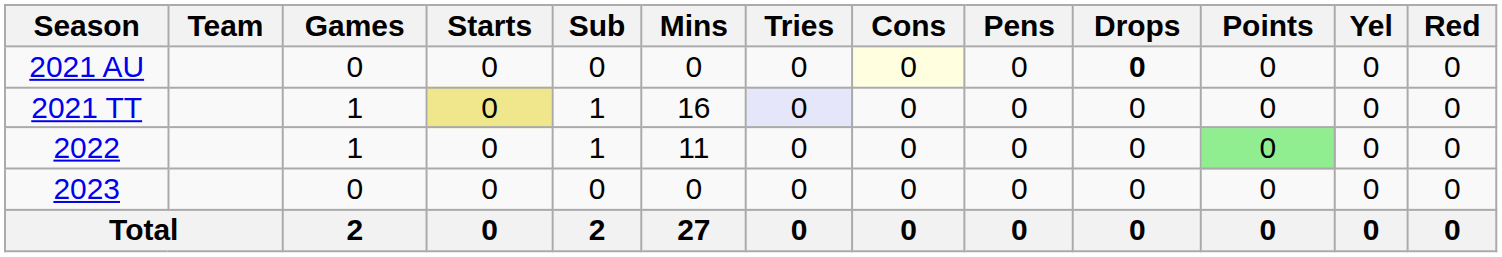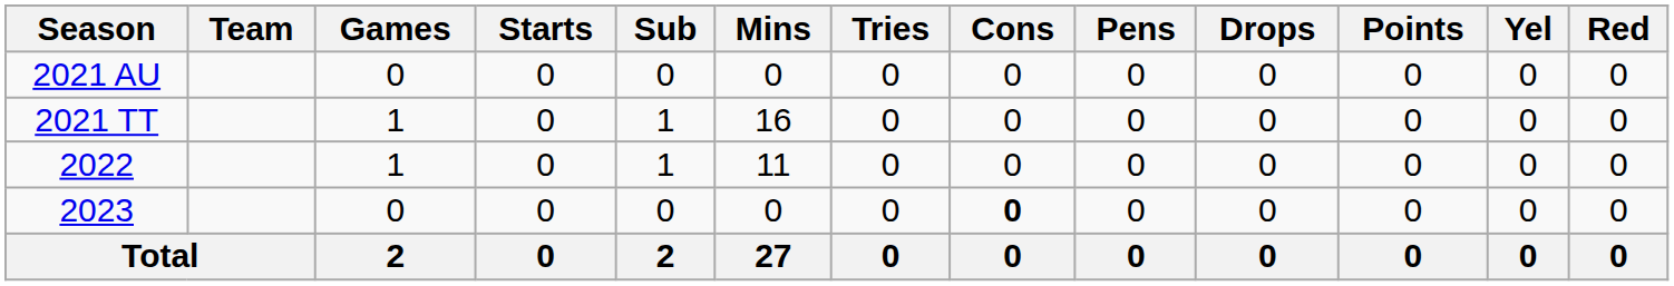 <table class="wikitable" style="text-align:center; line-height:90%; font-size:95%; width:60%;">
 <tr>
 <th>Season</th>
 <th>Team</th>
 <th>Games</th>
 <th>Starts</th>
 <th>Sub</th>
 <th>Mins</th>
 <th>Tries</th>
 <th>Cons</th>
 <th>Pens</th>
 <th>Drops</th>
 <th>Points</th>
 <th>Yel</th>
 <th>Red</th>
 </tr>
 <tr>
 <td><a href='#'>2021 AU</a></td>
 <td></td>
 <td>0</td>
 <td>0</td>
 <td>0</td>
 <td>0</td>
 <td>0</td>
-<td style="background: lightyellow;">0</td>
 <td>0</td>
-<td><strong>0</strong></td>
+<td>0</td>
+<td>0</td>
 <td>0</td>
 <td>0</td>
 <td>0</td>
 </tr>
 <tr>
 <td><a href='#'>2021 TT</a></td>
 <td></td>
 <td>1</td>
-<td style="background: khaki;">0</td>
+<td>0</td>
 <td>1</td>
 <td>16</td>
-<td style="background: lavender;">0</td>
+<td>0</td>
 <td>0</td>
 <td>0</td>
 <td>0</td>
 <td>0</td>
 <td>0</td>
 <td>0</td>
 </tr>
 <tr>
 <td><a href='#'>2022</a></td>
 <td></td>
 <td>1</td>
 <td>0</td>
 <td>1</td>
 <td>11</td>
 <td>0</td>
 <td>0</td>
 <td>0</td>
 <td>0</td>
-<td style="background: lightgreen;">0</td>
+<td>0</td>
 <td>0</td>
 <td>0</td>
 </tr>
 <tr>
 <td><a href='#'>2023</a></td>
 <td></td>
 <td>0</td>
 <td>0</td>
 <td>0</td>
 <td>0</td>
 <td>0</td>
-<td>0</td>
+<td><strong>0</strong></td>
 <td>0</td>
 <td>0</td>
 <td>0</td>
 <td>0</td>
 <td>0</td>
 </tr>
 <tr>
 <th colspan="2">Total</th>
 <th>2</th>
 <th>0</th>
 <th>2</th>
 <th>27</th>
 <th>0</th>
 <th>0</th>
 <th>0</th>
 <th>0</th>
 <th>0</th>
 <th>0</th>
 <th>0</th>
 </tr>
 </table>
